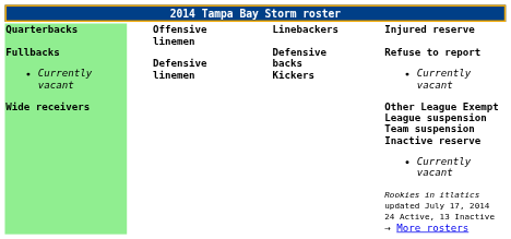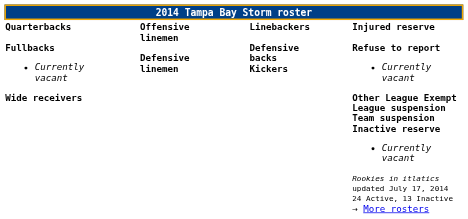 <table class="toccolours" style="text-align: left;">
 <tr>
 <th colspan=7 style="background:#003F87; border: 2px solid #F0A804; color:white; text-align:center;"><strong>2014 Tampa Bay Storm roster</strong></th>
 </tr>
 <tr>
-<td style="background: lightgreen; font-size: 95%;" valign="top"><strong>Quarterbacks</strong><br> <br><strong>Fullbacks</strong><ul><li><em>Currently vacant</em></li></ul><strong>Wide receivers</strong>    </td>
+<td style="font-size: 95%;" valign="top"><strong>Quarterbacks</strong><br> <br><strong>Fullbacks</strong><ul><li><em>Currently vacant</em></li></ul><strong>Wide receivers</strong>    </td>
 <td style="width: 25px;"></td>
 <td style="font-size: 95%;" valign="top"><strong>Offensive linemen</strong><br>    <br><strong>Defensive linemen</strong>     </td>
 <td style="width: 25px;"></td>
 <td style="font-size: 95%;" valign="top"><strong>Linebackers</strong><br> <br><strong>Defensive backs</strong>    <br><strong>Kickers</strong> </td>
 <td style="width: 25px;"></td>
 <td style="font-size: 95%;" valign="top"><strong>Injured reserve</strong><br>      <br><strong>Refuse to report</strong><ul><li><em>Currently vacant</em></li></ul><strong>Other League Exempt</strong>  <br><strong>League suspension</strong>    <br><strong>Team suspension</strong> <br><strong>Inactive reserve</strong><ul><li><em>Currently vacant</em></li></ul><small><em>Rookies in itlatics</em><br> <span></span> updated July 17, 2014<br> 24 Active, 13 Inactive</small><br>→ <a href='#'>More rosters</a></td>
 </tr>
 <tr>
 </tr>
 </table>
